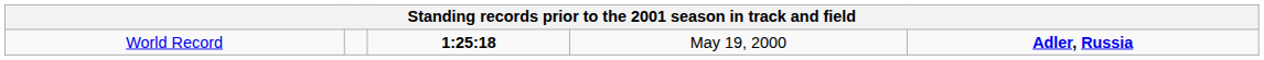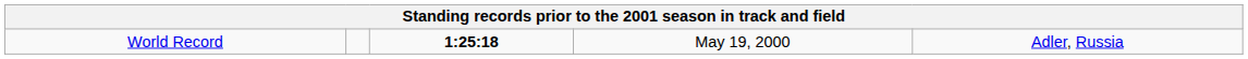 <table class="wikitable" style="text-align:center; width:100%">
 <tr>
 <th colspan="5">Standing records prior to the 2001 season in track and field</th>
 </tr>
 <tr>
 <td><a href='#'>World Record</a></td>
 <td></td>
 <td><strong>1:25:18</strong></td>
 <td>May 19, 2000</td>
-<td><strong> <a href='#'>Adler</a>, <a href='#'>Russia</a></strong></td>
+<td> <a href='#'>Adler</a>, <a href='#'>Russia</a></td>
 </tr>
 </table>
